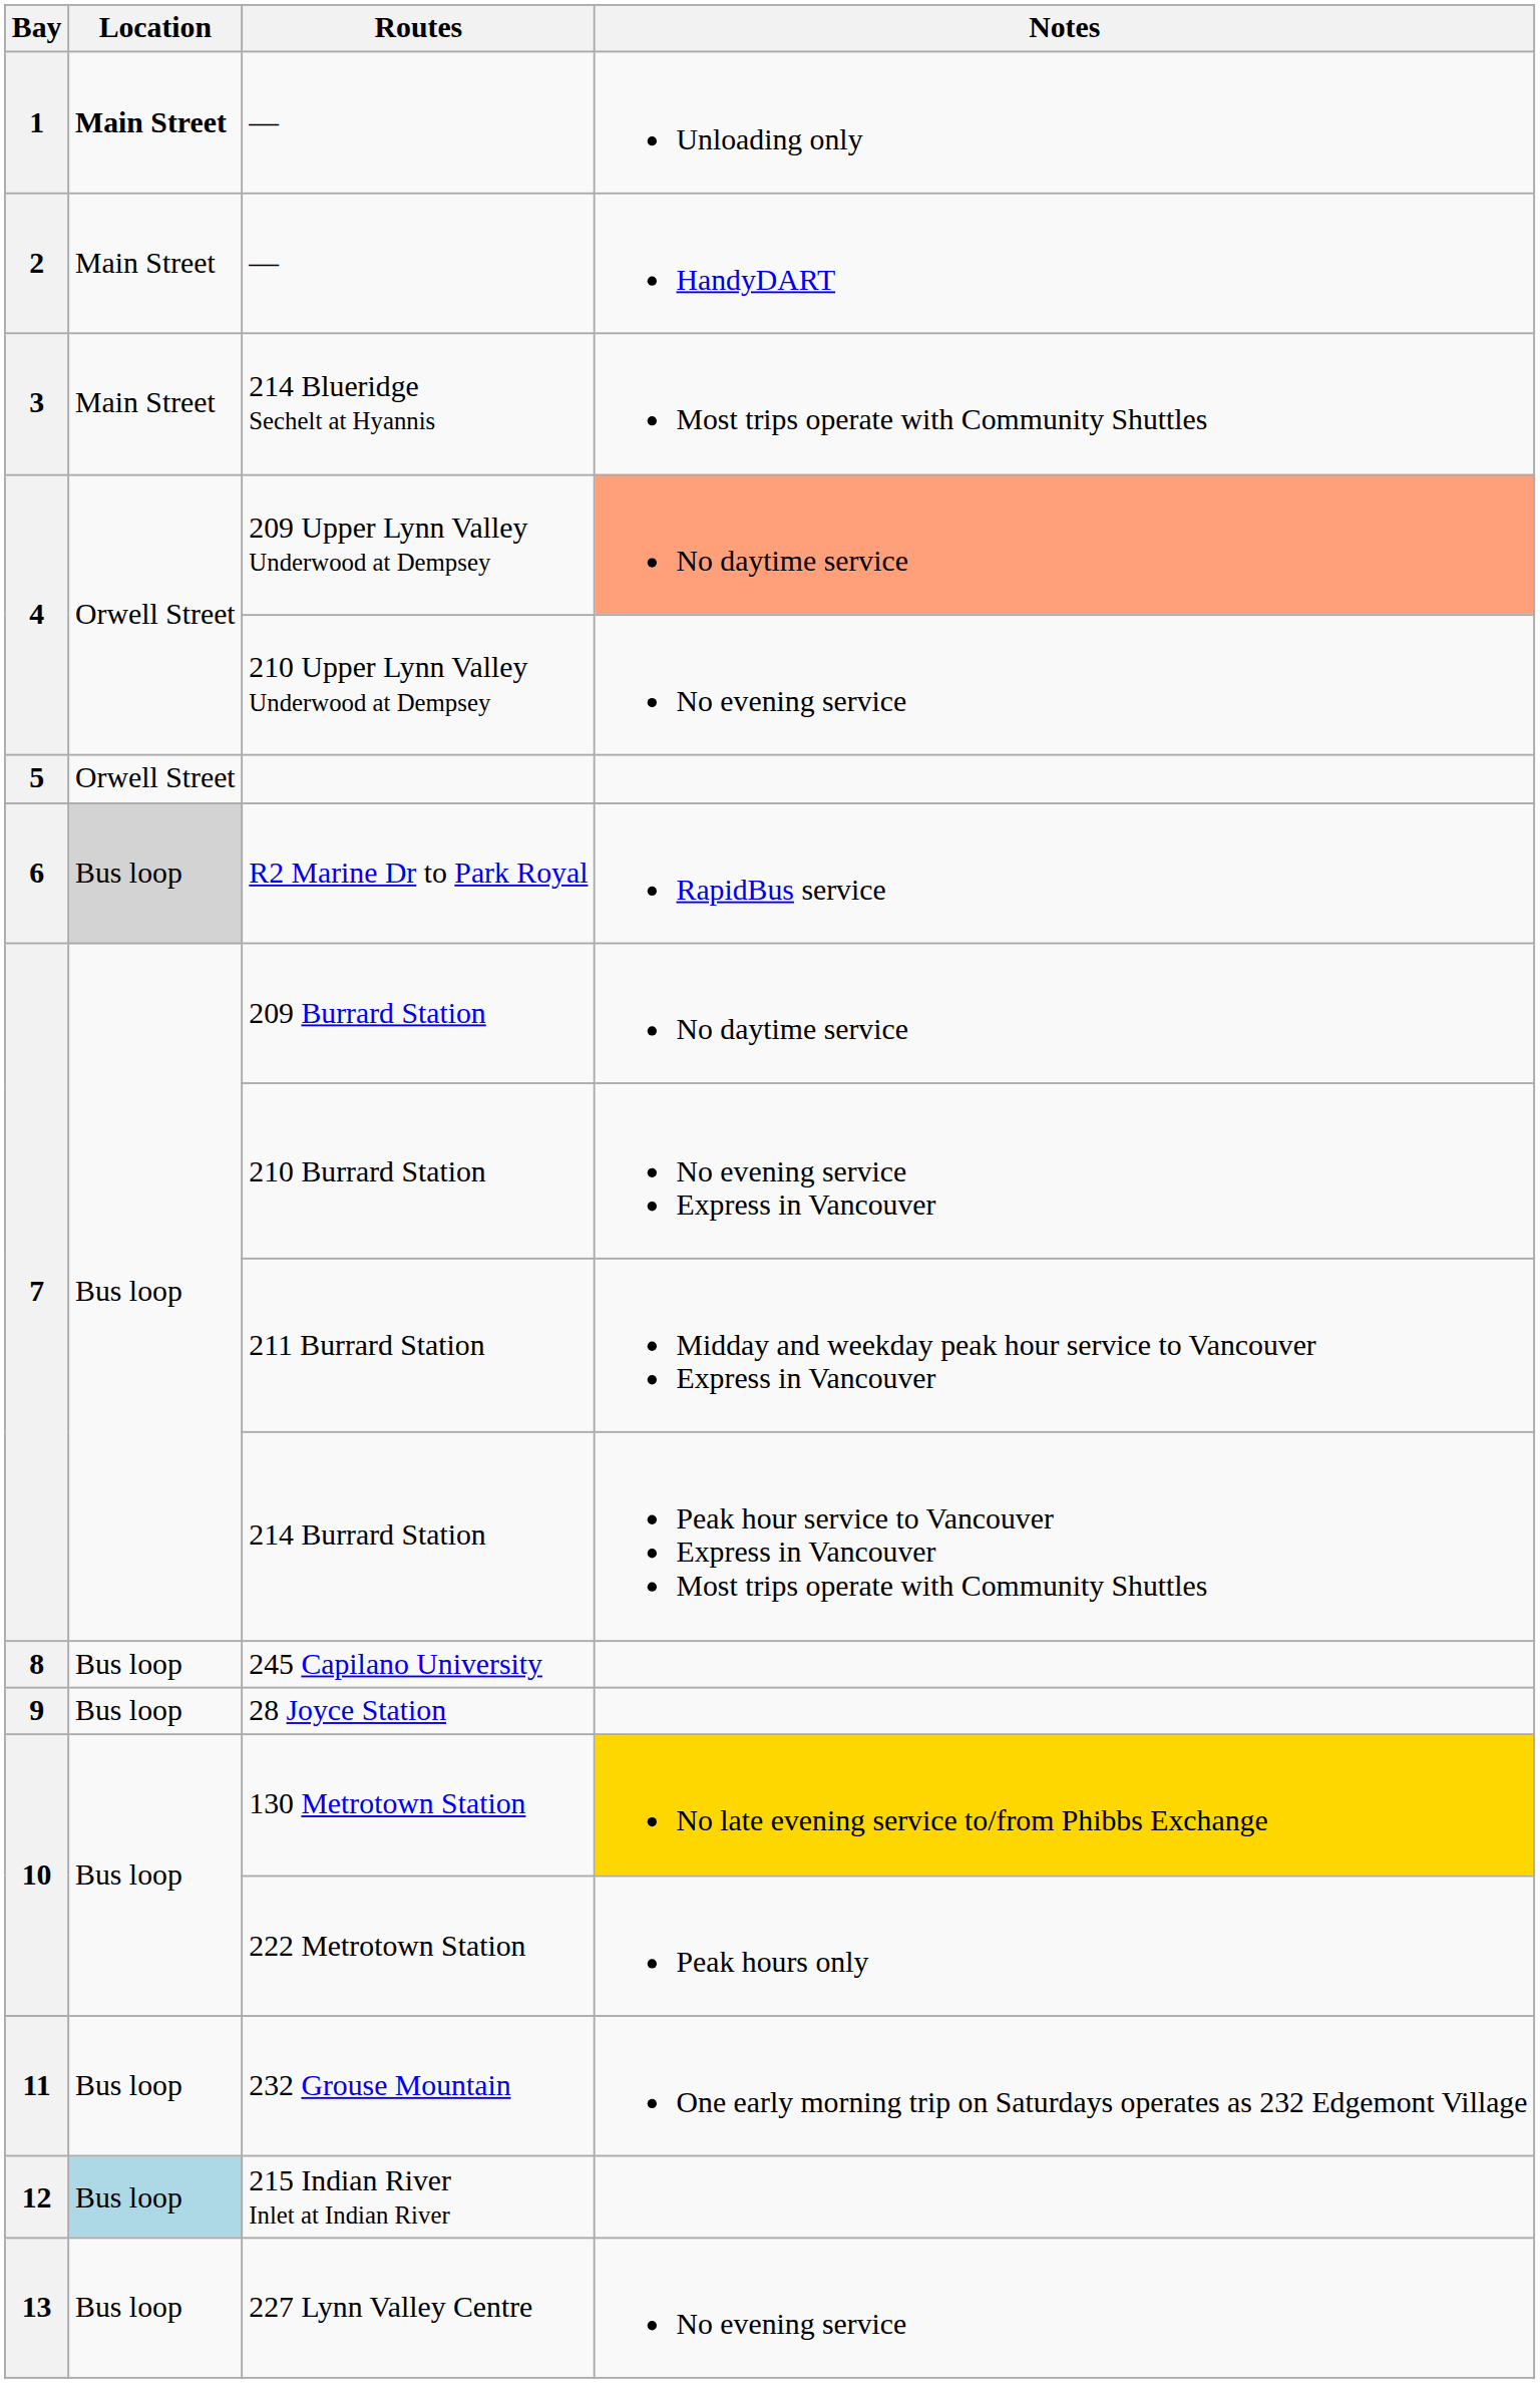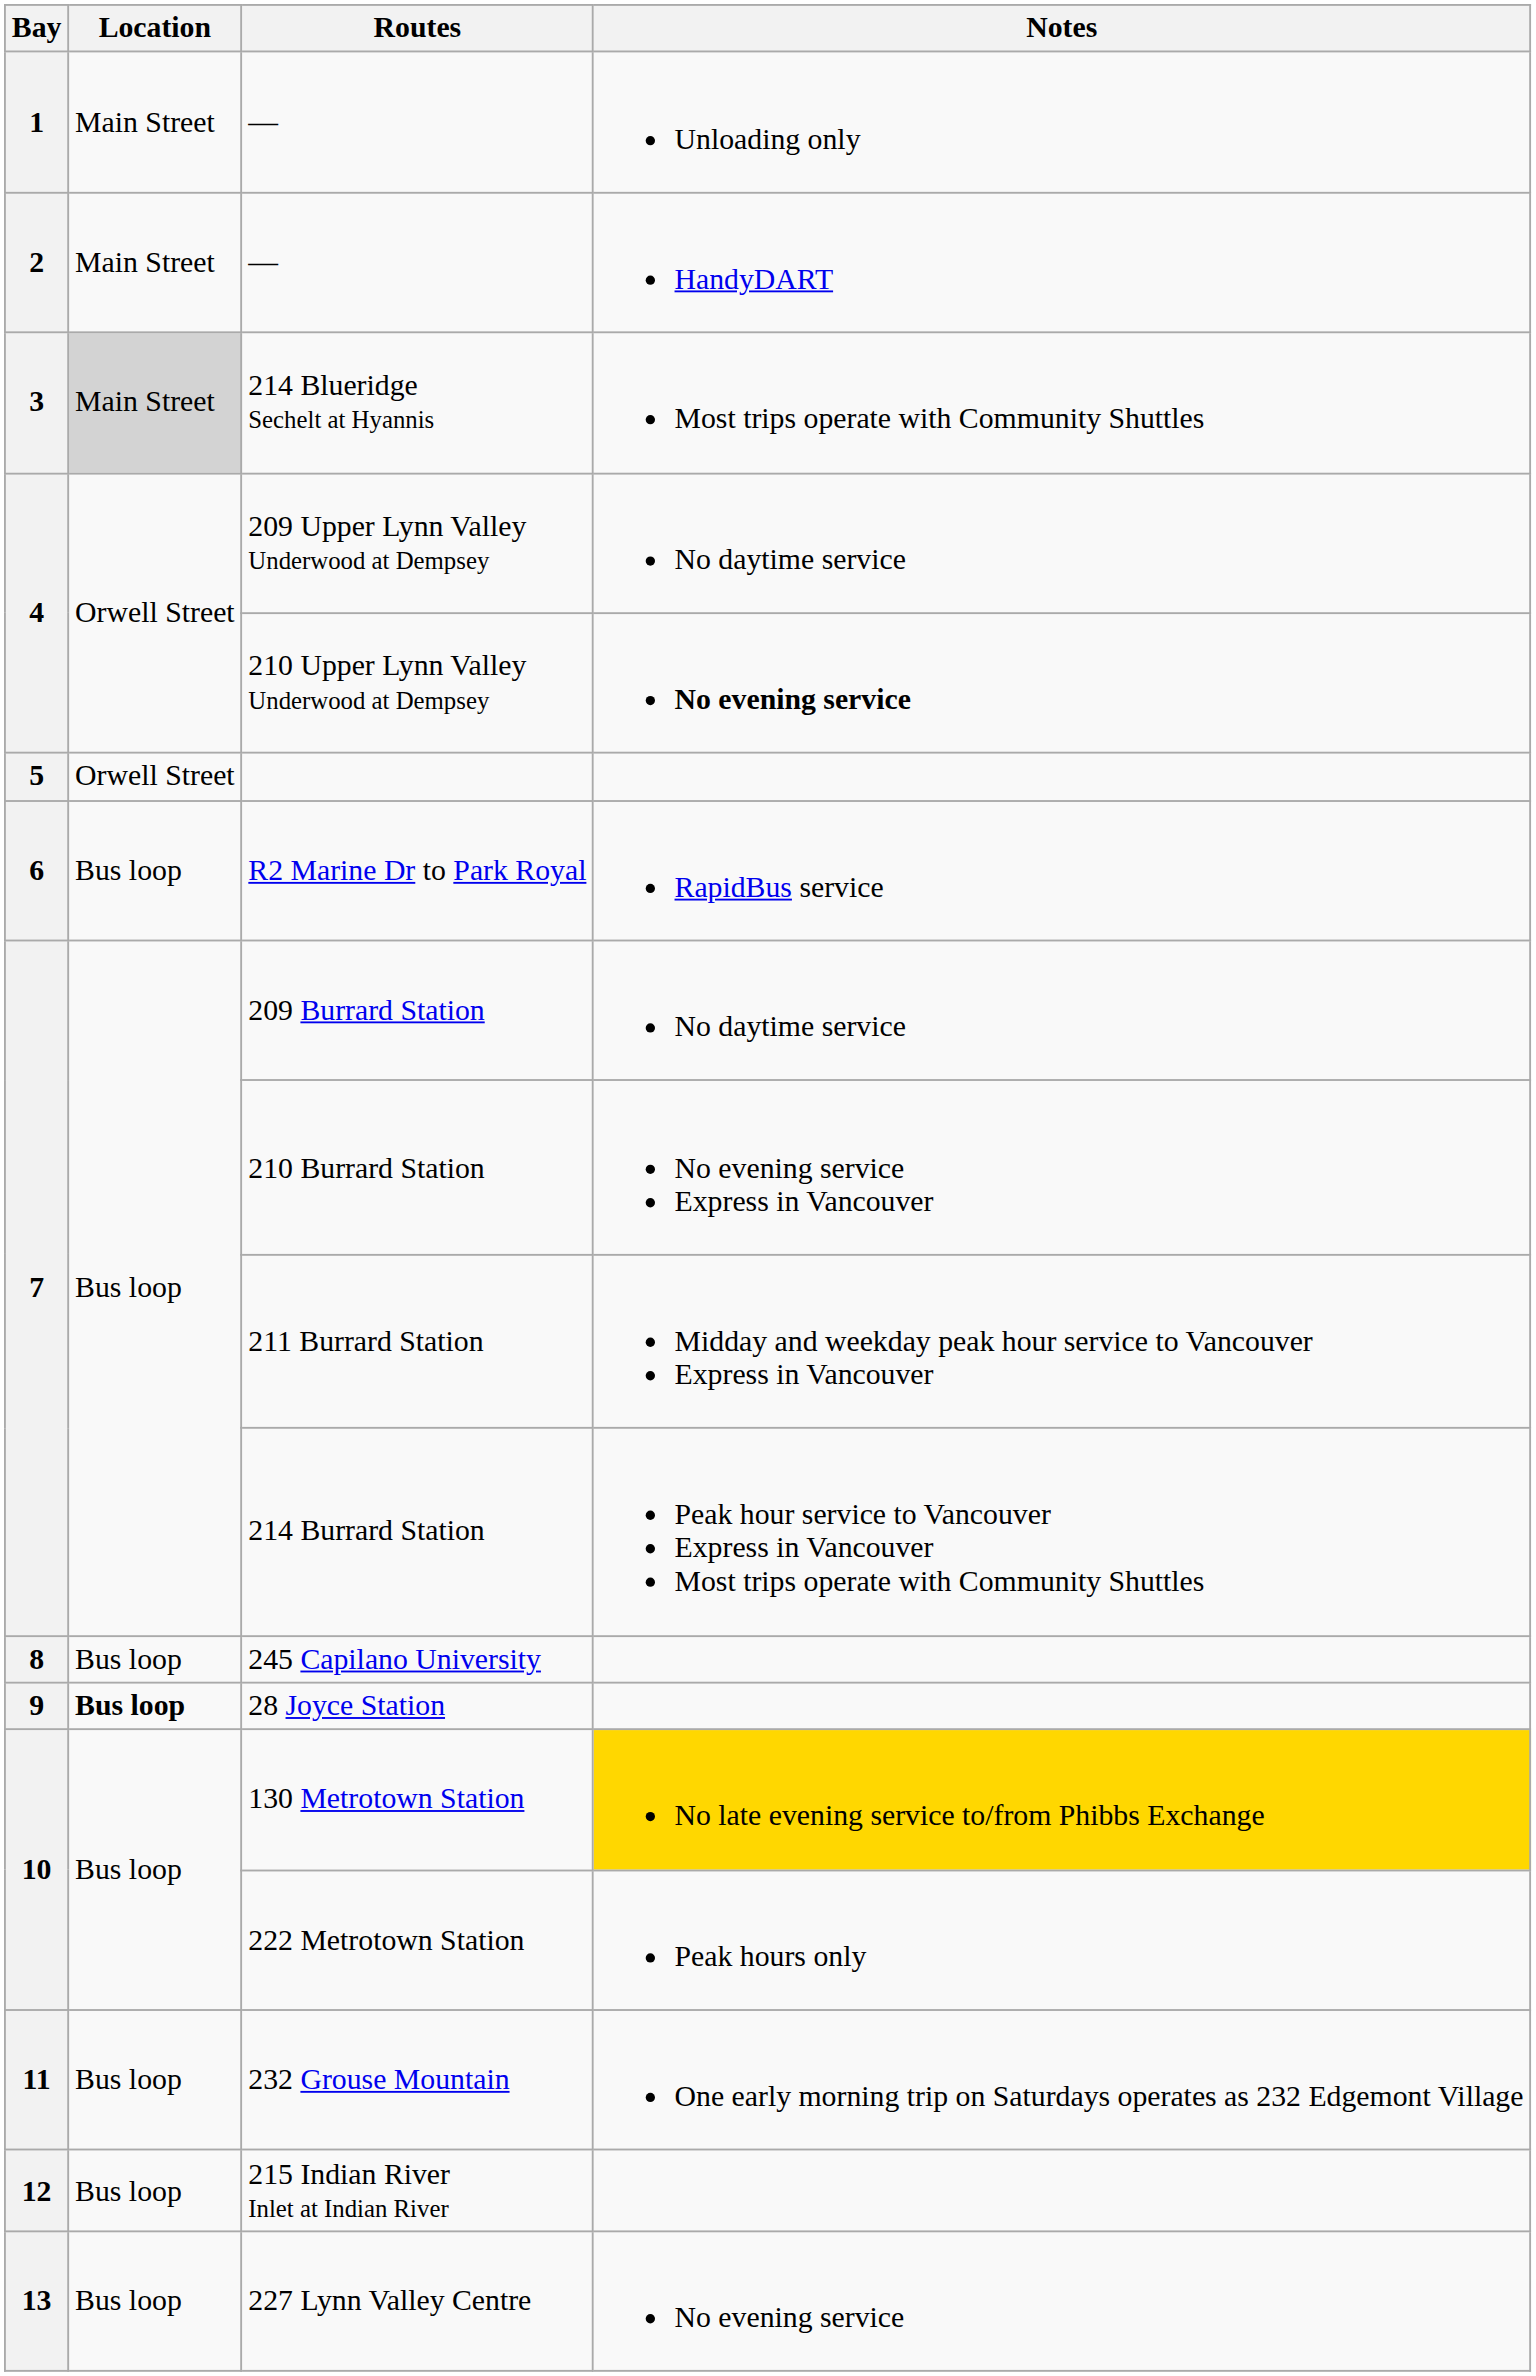 <table class="wikitable">
 <tr>
 <th>Bay</th>
 <th>Location</th>
 <th>Routes</th>
 <th>Notes</th>
 </tr>
 <tr>
 <th>1</th>
-<td><strong>Main Street<br></strong></td>
+<td>Main Street<br></td>
 <td>—</td>
 <td><br><ul><li>Unloading only</li></ul></td>
 </tr>
 <tr>
 <th>2</th>
 <td>Main Street<br></td>
 <td>—</td>
 <td><br><ul><li><a href='#'>HandyDART</a></li></ul></td>
 </tr>
 <tr>
 <th>3</th>
-<td>Main Street<br></td>
+<td style="background: lightgrey;">Main Street<br></td>
 <td>214 Blueridge<br><small>Sechelt at Hyannis</small></td>
 <td><br><ul><li>Most trips operate with Community Shuttles</li></ul></td>
 </tr>
 <tr>
 <th rowspan="2">4</th>
 <td rowspan="2">Orwell Street<br></td>
 <td>209 Upper Lynn Valley<br><small>Underwood at Dempsey</small></td>
-<td style="background: lightsalmon;"><br><ul><li>No daytime service</li></ul></td>
+<td><br><ul><li>No daytime service</li></ul></td>
 </tr>
 <tr>
 <td>210 Upper Lynn Valley<br><small>Underwood at Dempsey</small></td>
-<td><br><ul><li>No evening service</li></ul></td>
+<td><strong><br><ul><li>No evening service</li></ul></strong></td>
 </tr>
 <tr>
 <th>5</th>
 <td>Orwell Street<br></td>
 <td></td>
 <td></td>
 </tr>
 <tr>
 <th>6</th>
-<td style="background: lightgrey;">Bus loop</td>
+<td>Bus loop</td>
 <td><a href='#'>R2 Marine Dr</a> to <a href='#'>Park Royal</a></td>
 <td><br><ul><li><a href='#'>RapidBus</a> service</li></ul></td>
 </tr>
 <tr>
 <th rowspan="4">7</th>
 <td rowspan="4">Bus loop</td>
 <td>209 <a href='#'>Burrard Station</a></td>
 <td><br><ul><li>No daytime service</li></ul></td>
 </tr>
 <tr>
 <td>210 Burrard Station</td>
 <td><br><ul><li>No evening service</li><li>Express in Vancouver</li></ul></td>
 </tr>
 <tr>
 <td>211 Burrard Station</td>
 <td><br><ul><li>Midday and weekday peak hour service to Vancouver</li><li>Express in Vancouver</li></ul></td>
 </tr>
 <tr>
 <td>214 Burrard Station</td>
 <td><br><ul><li>Peak hour service to Vancouver</li><li>Express in Vancouver</li><li>Most trips operate with Community Shuttles</li></ul></td>
 </tr>
 <tr>
 <th>8</th>
 <td>Bus loop</td>
 <td>245 <a href='#'>Capilano University</a></td>
 <td></td>
 </tr>
 <tr>
 <th>9</th>
-<td>Bus loop</td>
+<td><strong>Bus loop</strong></td>
 <td>28 <a href='#'>Joyce Station</a></td>
 <td></td>
 </tr>
 <tr>
 <th rowspan="2">10</th>
 <td rowspan="2">Bus loop</td>
 <td>130 <a href='#'>Metrotown Station</a></td>
 <td style="background: gold;"><br><ul><li>No late evening service to/from Phibbs Exchange</li></ul></td>
 </tr>
 <tr>
 <td>222 Metrotown Station</td>
 <td><br><ul><li>Peak hours only</li></ul></td>
 </tr>
 <tr>
 <th>11</th>
 <td>Bus loop</td>
 <td>232 <a href='#'>Grouse Mountain</a></td>
 <td><br><ul><li>One early morning trip on Saturdays operates as 232 Edgemont Village</li></ul></td>
 </tr>
 <tr>
 <th>12</th>
-<td style="background: lightblue;">Bus loop</td>
+<td>Bus loop</td>
 <td>215 Indian River<br><small>Inlet at Indian River</small></td>
 <td></td>
 </tr>
 <tr>
 <th>13</th>
 <td>Bus loop</td>
 <td>227 Lynn Valley Centre</td>
 <td><br><ul><li>No evening service</li></ul></td>
 </tr>
 </table>
